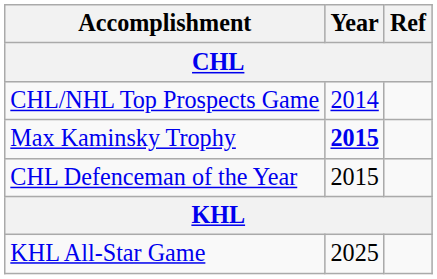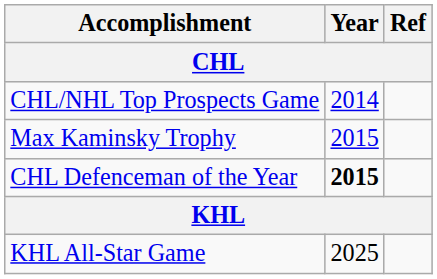 <table class="wikitable">
 <tr>
 <th>Accomplishment</th>
 <th>Year</th>
 <th>Ref</th>
 </tr>
 <tr>
 <th colspan="3"><a href='#'>CHL</a></th>
 </tr>
 <tr>
 <td><a href='#'>CHL/NHL Top Prospects Game</a></td>
 <td><a href='#'>2014</a></td>
 <td></td>
 </tr>
 <tr>
 <td><a href='#'>Max Kaminsky Trophy</a></td>
-<td><strong><a href='#'>2015</a></strong></td>
+<td><a href='#'>2015</a></td>
 <td></td>
 </tr>
 <tr>
 <td><a href='#'>CHL Defenceman of the Year</a></td>
-<td>2015</td>
+<td><strong>2015</strong></td>
 <td></td>
 </tr>
 <tr>
 <th colspan="3"><a href='#'>KHL</a></th>
 </tr>
 <tr>
 <td><a href='#'>KHL All-Star Game</a></td>
 <td>2025</td>
 <td></td>
 </tr>
 </table>
